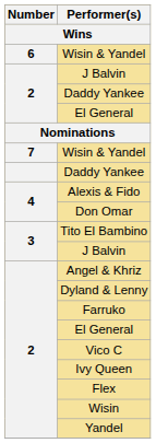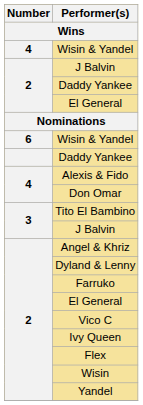 <table class="wikitable" rowspan=2 style="text-align: center; background: #f6e39c">
 <tr>
 <th scope="col" style="width:55px;">Number</th>
 <th scope="col" style="text-align:center;">Performer(s)</th>
 </tr>
 <tr>
 <th colspan="2">Wins</th>
 </tr>
 <tr>
-<th scope="row" rowspan=1 style="text-align:center">6</th>
+<th scope="row" rowspan=1 style="text-align:center">4</th>
 <td>Wisin & Yandel</td>
 </tr>
 <tr>
 <th scope="row" rowspan=3 style="text-align:center">2</th>
 <td>J Balvin</td>
 </tr>
 <tr>
 <td>Daddy Yankee</td>
 </tr>
 <tr>
 <td>El General</td>
 </tr>
 <tr>
 <th colspan="2">Nominations</th>
 </tr>
 <tr>
-<th scope="row" rowspan=1 style="text-align:center">7</th>
+<th scope="row" rowspan=1 style="text-align:center">6</th>
 <td>Wisin & Yandel</td>
 </tr>
 <tr>
 <th scope="row"></th>
 <td>Daddy Yankee</td>
 </tr>
 <tr>
 <th scope="row" rowspan=2 style="text-align:center">4</th>
 <td>Alexis & Fido</td>
 </tr>
 <tr>
 <td>Don Omar</td>
 </tr>
 <tr>
 <th scope="row" rowspan=2 style="text-align:center">3</th>
 <td>Tito El Bambino</td>
 </tr>
 <tr>
 <td>J Balvin</td>
 </tr>
 <tr>
 <th scope="row" rowspan=9 style="text-align:center">2</th>
 <td>Angel & Khriz</td>
 </tr>
 <tr>
 <td>Dyland & Lenny</td>
 </tr>
 <tr>
 <td>Farruko</td>
 </tr>
 <tr>
 <td>El General</td>
 </tr>
 <tr>
 <td>Vico C</td>
 </tr>
 <tr>
 <td>Ivy Queen</td>
 </tr>
 <tr>
 <td>Flex</td>
 </tr>
 <tr>
 <td>Wisin</td>
 </tr>
 <tr>
 <td>Yandel</td>
 </tr>
 <tr>
 </tr>
 </table>
